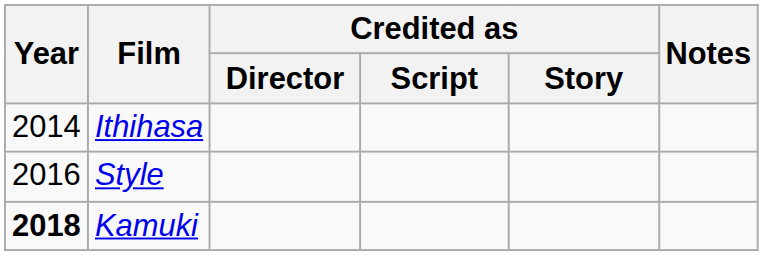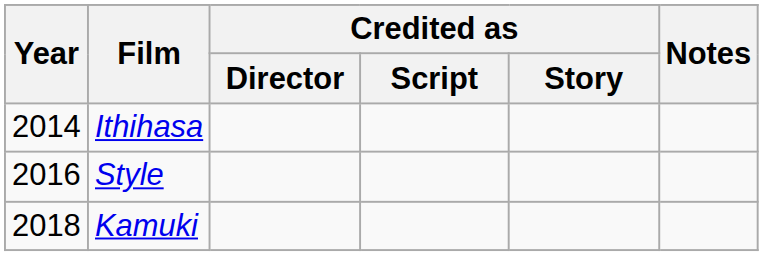 <table class="wikitable">
 <tr>
 <th rowspan="2" width="33">Year</th>
 <th rowspan="2">Film</th>
 <th colspan="3">Credited as</th>
 <th rowspan="2">Notes</th>
 </tr>
 <tr>
 <th width=70>Director</th>
 <th width=70>Script</th>
 <th width=70>Story</th>
 </tr>
 <tr>
 <td>2014</td>
 <td><em><a href='#'>Ithihasa</a></em></td>
 <td></td>
 <td></td>
 <td></td>
 <td></td>
 </tr>
 <tr>
 <td>2016</td>
 <td><em><a href='#'>Style</a></em></td>
 <td></td>
 <td></td>
 <td></td>
 <td></td>
 </tr>
 <tr>
-<td><strong>2018</strong></td>
+<td>2018</td>
 <td><em><a href='#'>Kamuki</a></em></td>
 <td></td>
 <td></td>
 <td></td>
 <td></td>
 </tr>
 </table>
